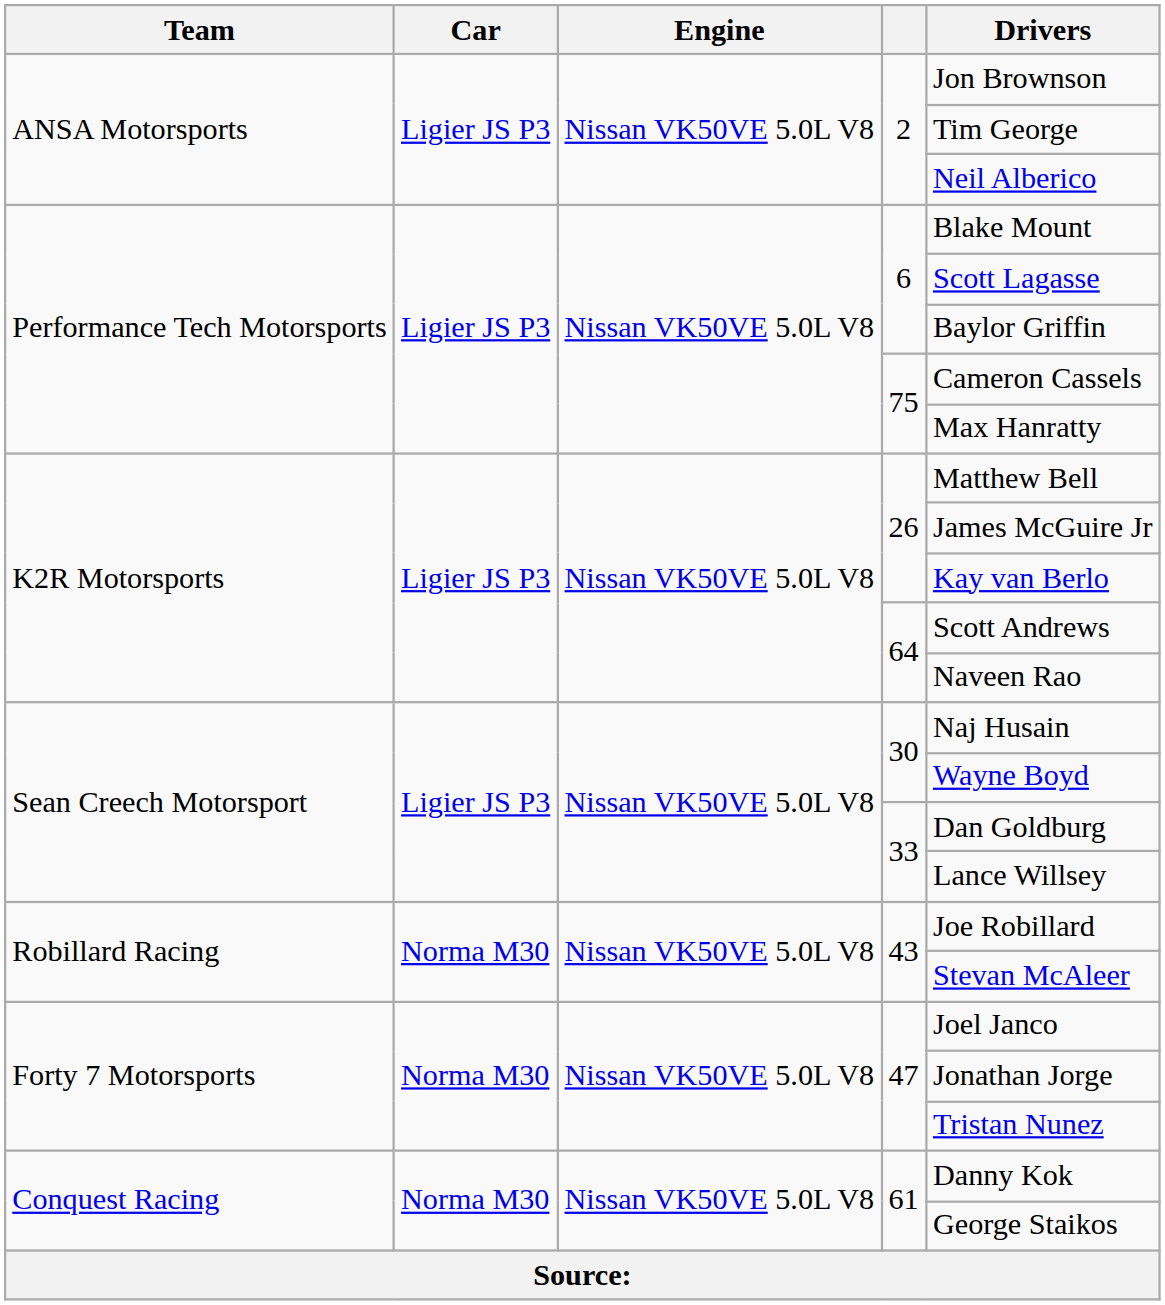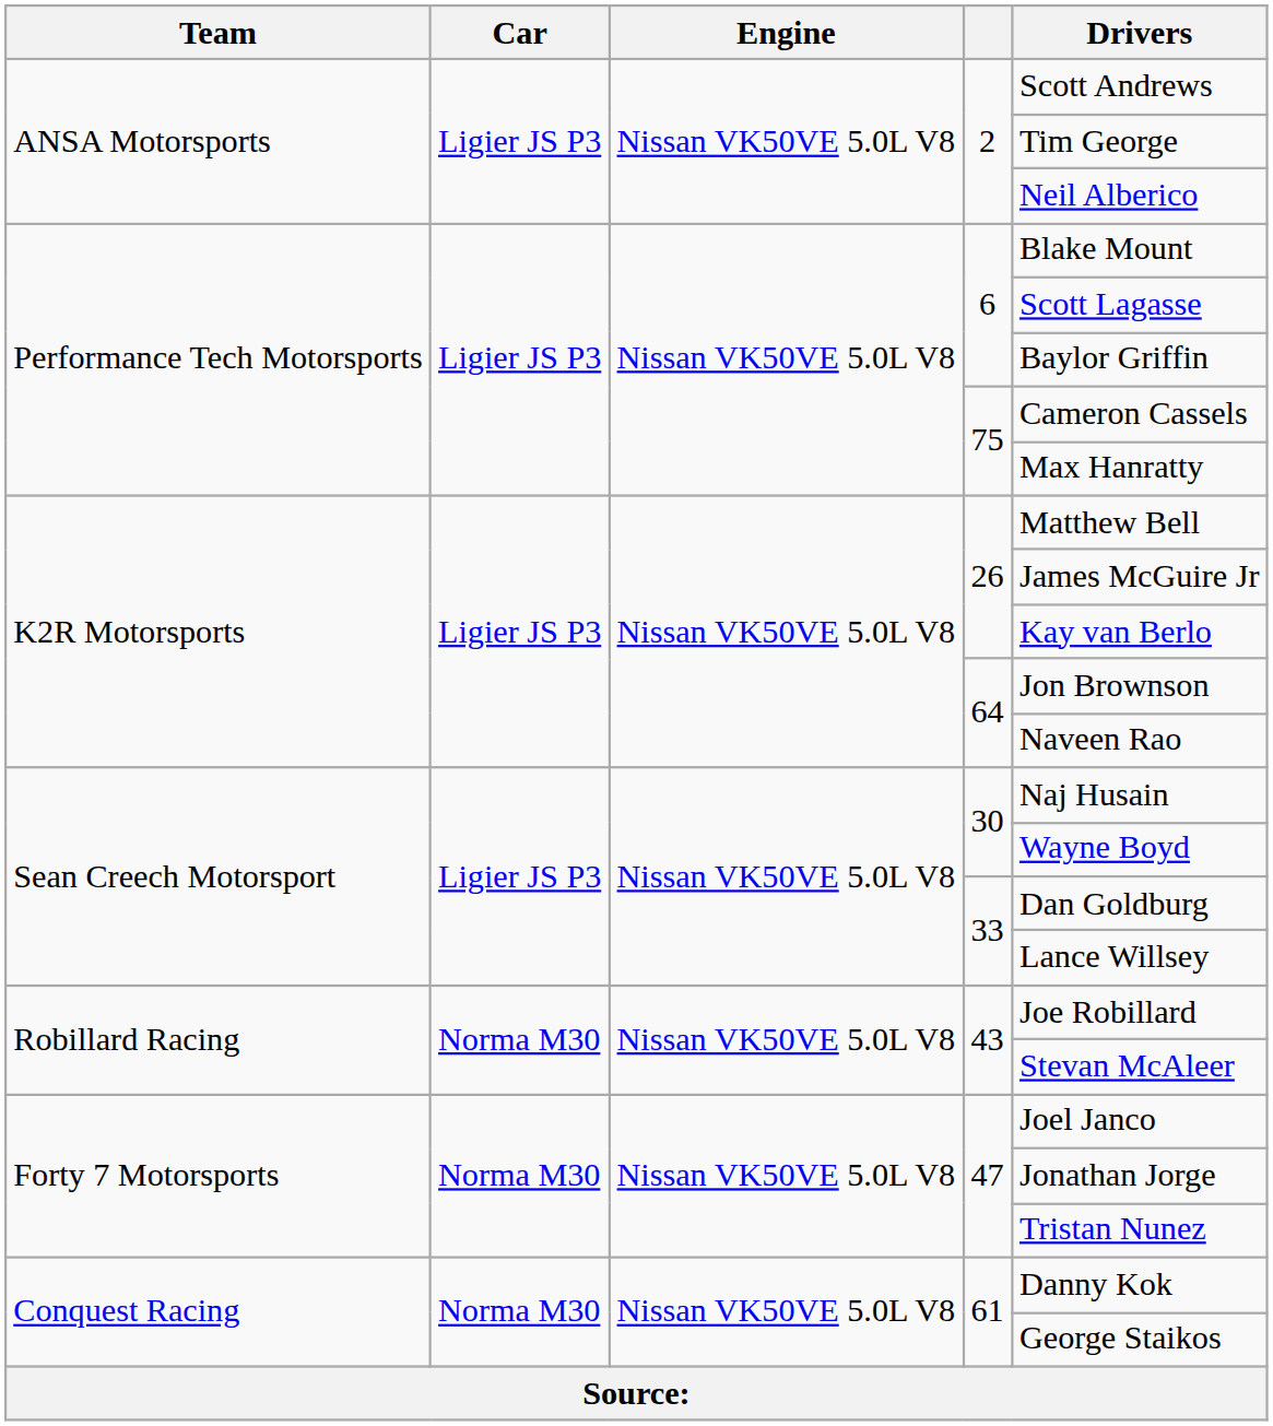 <table class="wikitable" style="font-size: 85%">
 <tr>
 <th>Team</th>
 <th>Car</th>
 <th>Engine</th>
 <th></th>
 <th>Drivers</th>
 </tr>
 <tr>
 <td rowspan="3"> ANSA Motorsports</td>
 <td rowspan="3"><a href='#'>Ligier JS P3</a></td>
 <td rowspan="3"><a href='#'>Nissan VK50VE</a> 5.0L V8</td>
 <td rowspan=3 align="center">2</td>
-<td> Jon Brownson</td>
+<td> Scott Andrews</td>
 </tr>
 <tr>
 <td> Tim George</td>
 </tr>
 <tr>
 <td> <a href='#'>Neil Alberico</a></td>
 </tr>
 <tr>
 <td rowspan="5"> Performance Tech Motorsports</td>
 <td rowspan="5"><a href='#'>Ligier JS P3</a></td>
 <td rowspan="5"><a href='#'>Nissan VK50VE</a> 5.0L V8</td>
 <td rowspan="3" align="center">6</td>
 <td> Blake Mount</td>
 </tr>
 <tr>
 <td> <a href='#'>Scott Lagasse</a></td>
 </tr>
 <tr>
 <td> Baylor Griffin</td>
 </tr>
 <tr>
 <td rowspan="2" align="center">75</td>
 <td> Cameron Cassels</td>
 </tr>
 <tr>
 <td> Max Hanratty</td>
 </tr>
 <tr>
 <td rowspan="5"> K2R Motorsports</td>
 <td rowspan="5"><a href='#'>Ligier JS P3</a></td>
 <td rowspan="5"><a href='#'>Nissan VK50VE</a> 5.0L V8</td>
 <td rowspan="3" align="center">26</td>
 <td> Matthew Bell</td>
 </tr>
 <tr>
 <td> James McGuire Jr</td>
 </tr>
 <tr>
 <td> <a href='#'>Kay van Berlo</a></td>
 </tr>
 <tr>
 <td rowspan="2" align="center">64</td>
-<td> Scott Andrews</td>
+<td> Jon Brownson</td>
 </tr>
 <tr>
 <td> Naveen Rao</td>
 </tr>
 <tr>
 <td rowspan="4"> Sean Creech Motorsport</td>
 <td rowspan="4"><a href='#'>Ligier JS P3</a></td>
 <td rowspan="4"><a href='#'>Nissan VK50VE</a> 5.0L V8</td>
 <td rowspan="2" align="center">30</td>
 <td> Naj Husain</td>
 </tr>
 <tr>
 <td> <a href='#'>Wayne Boyd</a></td>
 </tr>
 <tr>
 <td rowspan="2" align="center">33</td>
 <td> Dan Goldburg</td>
 </tr>
 <tr>
 <td> Lance Willsey</td>
 </tr>
 <tr>
 <td rowspan="2"> Robillard Racing</td>
 <td rowspan="2"><a href='#'>Norma M30</a></td>
 <td rowspan="2"><a href='#'>Nissan VK50VE</a> 5.0L V8</td>
 <td rowspan="2" align="center">43</td>
 <td> Joe Robillard</td>
 </tr>
 <tr>
 <td> <a href='#'>Stevan McAleer</a></td>
 </tr>
 <tr>
 <td rowspan="3"> Forty 7 Motorsports</td>
 <td rowspan="3"><a href='#'>Norma M30</a></td>
 <td rowspan="3"><a href='#'>Nissan VK50VE</a> 5.0L V8</td>
 <td rowspan="3" align="center">47</td>
 <td> Joel Janco</td>
 </tr>
 <tr>
 <td> Jonathan Jorge</td>
 </tr>
 <tr>
 <td> <a href='#'>Tristan Nunez</a></td>
 </tr>
 <tr>
 <td rowspan="2"> <a href='#'>Conquest Racing</a></td>
 <td rowspan="2"><a href='#'>Norma M30</a></td>
 <td rowspan="2"><a href='#'>Nissan VK50VE</a> 5.0L V8</td>
 <td rowspan="2" align="center">61</td>
 <td> Danny Kok</td>
 </tr>
 <tr>
 <td> George Staikos</td>
 </tr>
 <tr>
 <th colspan="5">Source:</th>
 </tr>
 </table>
